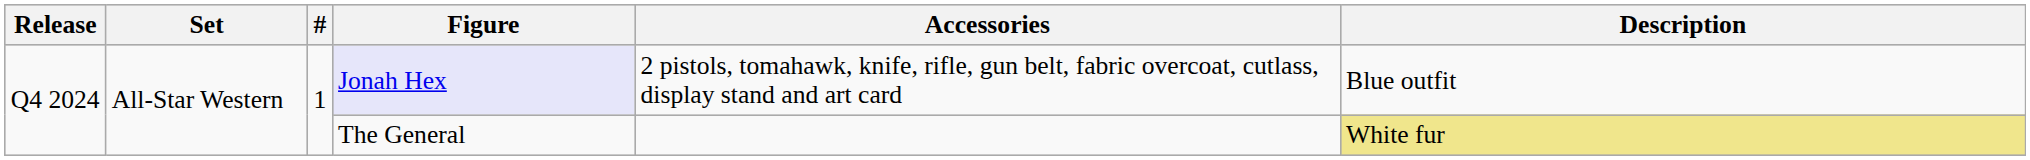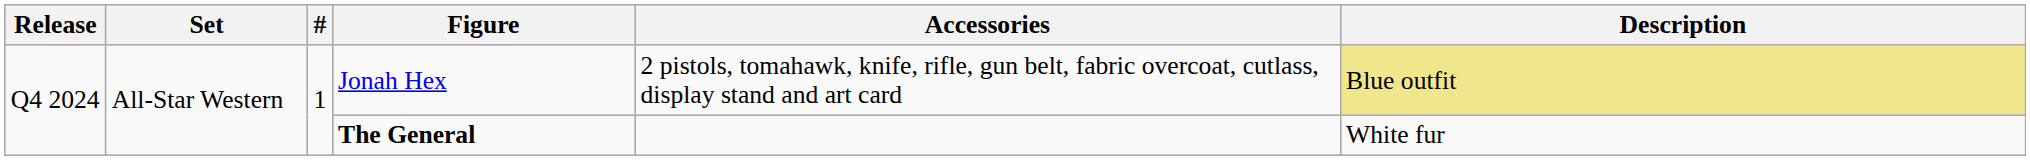 <table class="wikitable" style="width:100%;">
 <tr>
 <th width=5%>Release</th>
 <th width=10%><strong>Set</strong></th>
 <th width=1%!scope="col">#</th>
 <th width=15%><strong>Figure</strong></th>
 <th width=35%><strong>Accessories</strong></th>
 <th width=35%><strong>Description</strong></th>
 </tr>
 <tr>
 <td rowspan=2>Q4 2024</td>
 <td rowspan=2>All-Star Western</td>
 <td rowspan=2>1</td>
-<td style="background: lavender;"><a href='#'>Jonah Hex</a></td>
+<td><a href='#'>Jonah Hex</a></td>
 <td>2 pistols, tomahawk, knife, rifle, gun belt, fabric overcoat, cutlass, display stand and art card</td>
-<td>Blue outfit</td>
+<td style="background: khaki;">Blue outfit</td>
 </tr>
 <tr>
-<td>The General</td>
+<td><strong>The General</strong></td>
 <td></td>
-<td style="background: khaki;">White fur</td>
+<td>White fur</td>
 </tr>
 </table>
